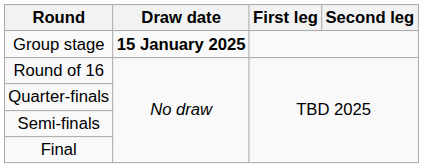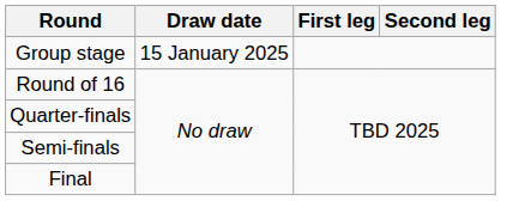 <table class="wikitable" style="text-align: center">
 <tr>
 <th>Round</th>
 <th>Draw date</th>
 <th>First leg</th>
 <th>Second leg</th>
 </tr>
 <tr>
 <td>Group stage</td>
-<td><strong>15 January 2025</strong></td>
+<td>15 January 2025</td>
 <td colspan=2></td>
 </tr>
 <tr>
 <td>Round of 16</td>
 <td rowspan=4><em>No draw</em></td>
 <td colspan=2 rowspan=4>TBD 2025</td>
 </tr>
 <tr>
 <td>Quarter-finals</td>
 </tr>
 <tr>
 <td>Semi-finals</td>
 </tr>
 <tr>
 <td>Final</td>
 </tr>
 </table>
